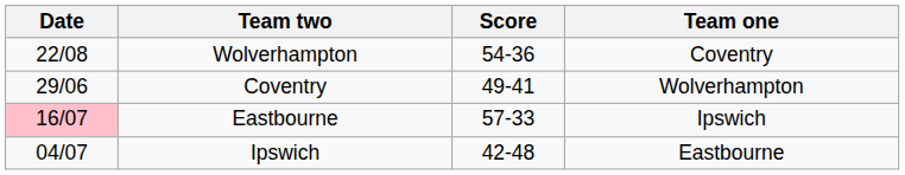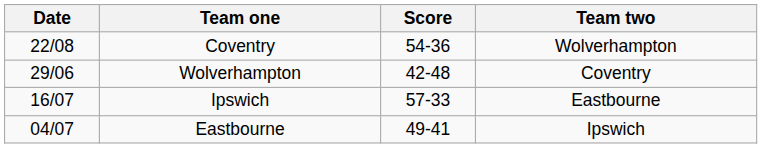 <table class="wikitable" style="text-align: center">
 <tr>
 <th width=80>Date</th>
+<th width=250>Team one</th>
+<th width=80>Score</th>
 <th width=250>Team two</th>
-<th width=80>Score</th>
-<th width=250>Team one</th>
 </tr>
 <tr>
 <td>22/08</td>
+<td>Coventry</td>
+<td>54-36</td>
 <td>Wolverhampton</td>
-<td>54-36</td>
+</tr>
+<tr>
+<td>29/06</td>
+<td>Wolverhampton</td>
+<td>42-48</td>
 <td>Coventry</td>
 </tr>
 <tr>
-<td>29/06</td>
-<td>Coventry</td>
-<td>49-41</td>
-<td>Wolverhampton</td>
-</tr>
-<tr>
-<td style="background: pink;">16/07</td>
+<td>16/07</td>
+<td>Ipswich</td>
+<td>57-33</td>
 <td>Eastbourne</td>
-<td>57-33</td>
-<td>Ipswich</td>
 </tr>
 <tr>
 <td>04/07</td>
+<td>Eastbourne</td>
+<td>49-41</td>
 <td>Ipswich</td>
-<td>42-48</td>
-<td>Eastbourne</td>
 </tr>
 </table>
